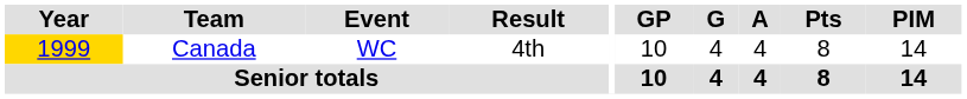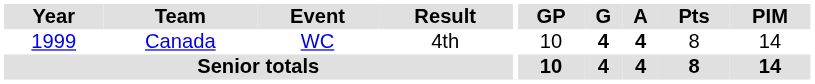 <table border="0" cellpadding="1" cellspacing="0" ID="Table3" style="text-align:center; width:40em">
 <tr ALIGN="center" bgcolor="#e0e0e0">
 <th>Year</th>
 <th>Team</th>
 <th>Event</th>
 <th>Result</th>
 <th rowspan="99" bgcolor="#ffffff"></th>
 <th>GP</th>
 <th>G</th>
 <th>A</th>
 <th>Pts</th>
 <th>PIM</th>
 </tr>
 <tr>
-<td style="background: gold;"><a href='#'>1999</a></td>
+<td><a href='#'>1999</a></td>
 <td><a href='#'>Canada</a></td>
 <td><a href='#'>WC</a></td>
 <td>4th</td>
 <td>10</td>
-<td>4</td>
-<td>4</td>
+<td><strong>4</strong></td>
+<td><strong>4</strong></td>
 <td>8</td>
 <td>14</td>
 </tr>
 <tr bgcolor="#e0e0e0">
 <th colspan="4">Senior totals</th>
 <th>10</th>
 <th>4</th>
 <th>4</th>
 <th>8</th>
 <th>14</th>
 </tr>
 </table>
